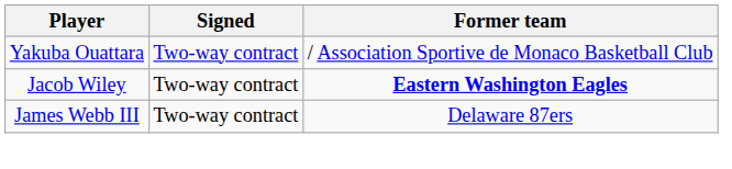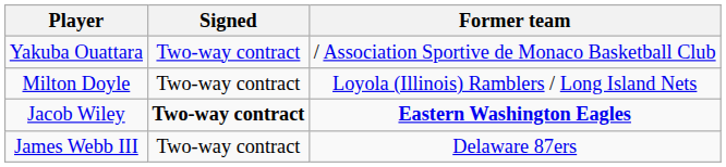 <table class="wikitable sortable sortable" style="text-align: center">
 <tr>
 <th>Player</th>
 <th>Signed</th>
 <th>Former team</th>
 </tr>
 <tr style="align-text:center">
 <td><a href='#'>Yakuba Ouattara</a></td>
 <td><a href='#'>Two-way contract</a></td>
 <td>/ <a href='#'>Association Sportive de Monaco Basketball Club</a></td>
 </tr>
 <tr style="align-text:center">
+<td><a href='#'>Milton Doyle</a></td>
+<td>Two-way contract</td>
+<td><a href='#'>Loyola (Illinois) Ramblers</a> / <a href='#'>Long Island Nets</a></td>
+</tr>
+<tr style="align-text:center">
 <td><a href='#'>Jacob Wiley</a></td>
-<td>Two-way contract</td>
+<td><strong>Two-way contract</strong></td>
 <td><strong><a href='#'>Eastern Washington Eagles</a></strong></td>
 </tr>
 <tr style="align-text:center">
 <td><a href='#'>James Webb III</a></td>
 <td>Two-way contract</td>
 <td><a href='#'>Delaware 87ers</a></td>
 </tr>
 </table>
